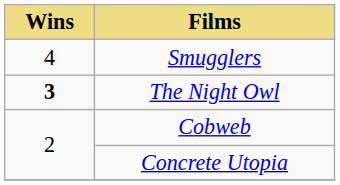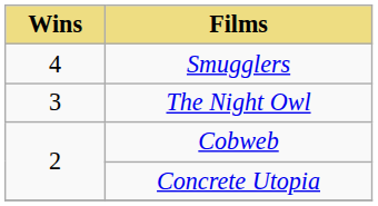 <table class="wikitable plainrowheaders" style="width:15em; text-align:center;">
 <tr>
 <th style="background:#EEDD82;" ! align="center">Wins</th>
 <th style="background:#EEDD82;" ! align="center">Films</th>
 </tr>
 <tr>
 <td>4</td>
 <td><em><a href='#'>Smugglers</a></em></td>
 </tr>
 <tr>
-<td><strong>3</strong></td>
+<td>3</td>
 <td><em><a href='#'>The Night Owl</a></em></td>
 </tr>
 <tr>
 <td rowspan="2">2</td>
 <td><em><a href='#'>Cobweb</a></em></td>
 </tr>
 <tr>
 <td><em><a href='#'>Concrete Utopia</a></em></td>
 </tr>
 <tr>
 </tr>
 </table>
